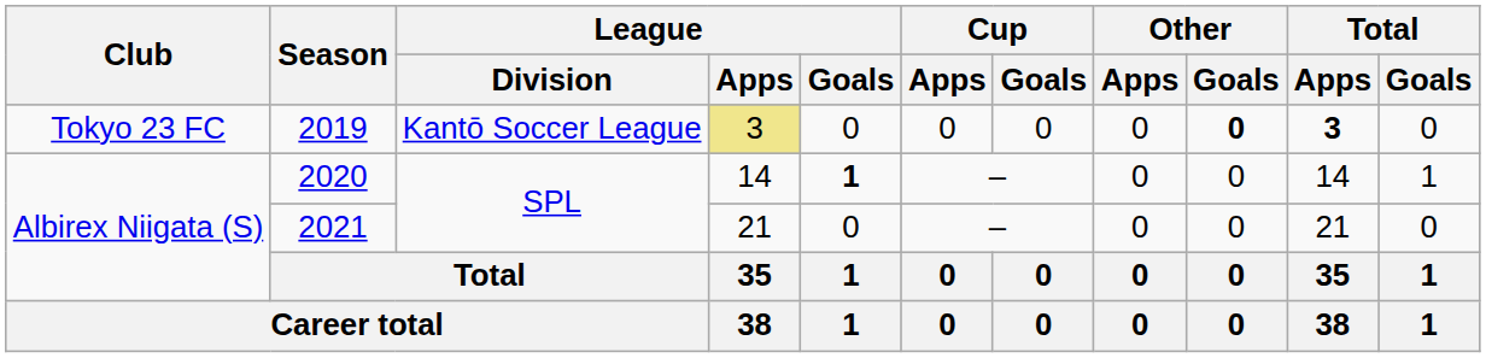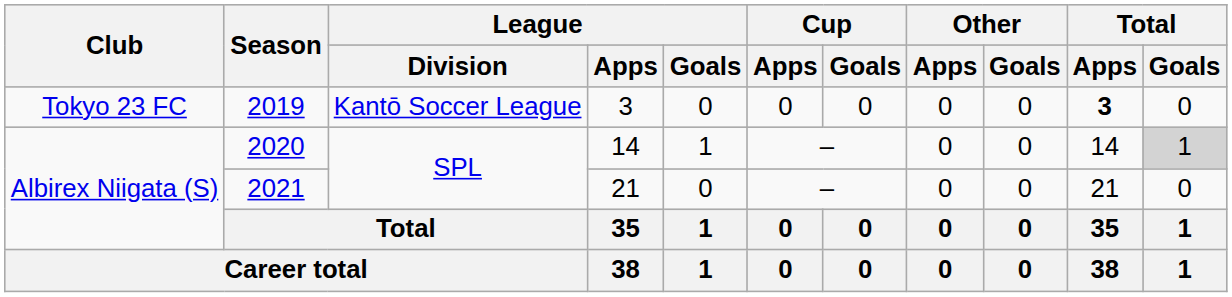 <table class="wikitable" style="text-align: center">
 <tr>
 <th rowspan="2">Club</th>
 <th rowspan="2">Season</th>
 <th colspan="3">League</th>
 <th colspan="2">Cup</th>
 <th colspan="2">Other</th>
 <th colspan="2">Total</th>
 </tr>
 <tr>
 <th>Division</th>
 <th>Apps</th>
 <th>Goals</th>
 <th>Apps</th>
 <th>Goals</th>
 <th>Apps</th>
 <th>Goals</th>
 <th>Apps</th>
 <th>Goals</th>
 </tr>
 <tr>
 <td><a href='#'>Tokyo 23 FC</a></td>
 <td><a href='#'>2019</a></td>
 <td><a href='#'>Kantō Soccer League</a></td>
-<td style="background: khaki;">3</td>
+<td>3</td>
 <td>0</td>
 <td>0</td>
 <td>0</td>
 <td>0</td>
-<td><strong>0</strong></td>
+<td>0</td>
 <td><strong>3</strong></td>
 <td>0</td>
 </tr>
 <tr>
 <td rowspan="3"><a href='#'>Albirex Niigata (S)</a></td>
 <td><a href='#'>2020</a></td>
 <td rowspan="2"><a href='#'>SPL</a></td>
 <td>14</td>
-<td><strong>1</strong></td>
+<td>1</td>
 <td colspan="2">–</td>
 <td>0</td>
 <td>0</td>
 <td>14</td>
-<td>1</td>
+<td style="background: lightgrey;">1</td>
 </tr>
 <tr>
 <td><a href='#'>2021</a></td>
 <td>21</td>
 <td>0</td>
 <td colspan="2">–</td>
 <td>0</td>
 <td>0</td>
 <td>21</td>
 <td>0</td>
 </tr>
 <tr>
 <th colspan=2>Total</th>
 <th>35</th>
 <th>1</th>
 <th>0</th>
 <th>0</th>
 <th>0</th>
 <th>0</th>
 <th>35</th>
 <th>1</th>
 </tr>
 <tr>
 <th colspan=3>Career total</th>
 <th>38</th>
 <th>1</th>
 <th>0</th>
 <th>0</th>
 <th>0</th>
 <th>0</th>
 <th>38</th>
 <th>1</th>
 </tr>
 </table>
